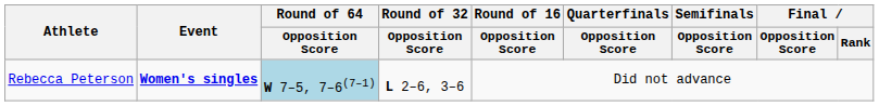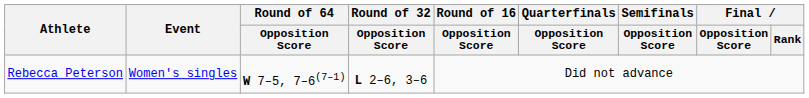 <table class=wikitable style="font-size:90%">
 <tr>
 <th rowspan="2">Athlete</th>
 <th rowspan="2">Event</th>
 <th>Round of 64</th>
 <th>Round of 32</th>
 <th>Round of 16</th>
 <th>Quarterfinals</th>
 <th>Semifinals</th>
 <th colspan=2>Final / </th>
 </tr>
 <tr style="font-size:95%">
 <th>Opposition<br>Score</th>
 <th>Opposition<br>Score</th>
 <th>Opposition<br>Score</th>
 <th>Opposition<br>Score</th>
 <th>Opposition<br>Score</th>
 <th>Opposition<br>Score</th>
 <th>Rank</th>
 </tr>
 <tr align=center>
 <td align=left><a href='#'>Rebecca Peterson</a></td>
-<td align=left><strong><a href='#'>Women's singles</a></strong></td>
-<td style="background: lightblue;"><br><strong>W</strong> 7–5, 7–6<sup>(7–1)</sup></td>
+<td align=left><a href='#'>Women's singles</a></td>
+<td><br><strong>W</strong> 7–5, 7–6<sup>(7–1)</sup></td>
 <td><br><strong>L</strong> 2–6, 3–6</td>
 <td colspan=5>Did not advance</td>
 </tr>
 </table>
